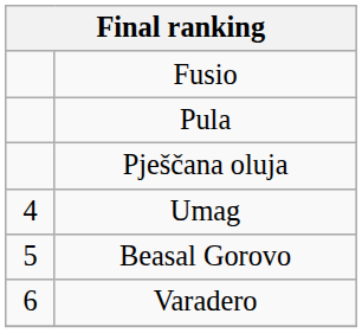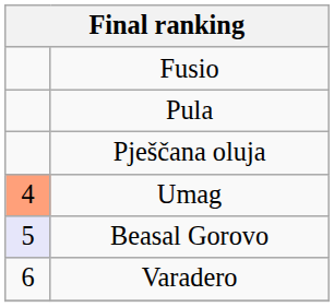 <table class="wikitable">
 <tr>
 <th colspan=2>Final ranking</th>
 </tr>
 <tr>
 <td width="20px" align=center></td>
 <td width="160px"  align=center>Fusio</td>
 </tr>
 <tr>
 <td width="20px" align=center></td>
 <td width="160px"  align=center>Pula</td>
 </tr>
 <tr>
 <td width="20px" align=center></td>
 <td width="160px"  align=center>Pješčana oluja</td>
 </tr>
 <tr>
-<td width="20px" align=center>4</td>
+<td width="20px" align=center style="background: lightsalmon;">4</td>
 <td width="160px"  align=center>Umag</td>
 </tr>
 <tr>
-<td width="20px" align=center>5</td>
+<td width="20px" align=center style="background: lavender;">5</td>
 <td width="160px"  align=center>Beasal Gorovo</td>
 </tr>
 <tr>
 <td width="20px" align=center>6</td>
 <td width="160px"  align=center>Varadero</td>
 </tr>
 <tr>
 </tr>
 </table>
